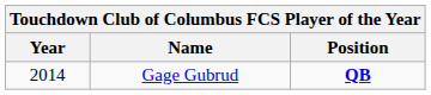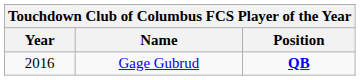 <table class="wikitable">
 <tr align="center">
 <th colspan=5>Touchdown Club of Columbus FCS Player of the Year</th>
 </tr>
 <tr>
 <th>Year</th>
 <th>Name</th>
 <th>Position</th>
 </tr>
 <tr align="center" bgcolor="">
-<td>2014</td>
+<td>2016</td>
 <td><a href='#'>Gage Gubrud</a></td>
 <td><strong><a href='#'>QB</a></strong></td>
 </tr>
 </table>
